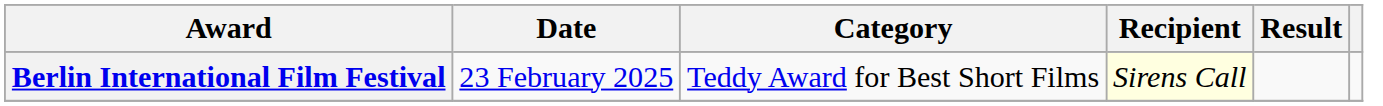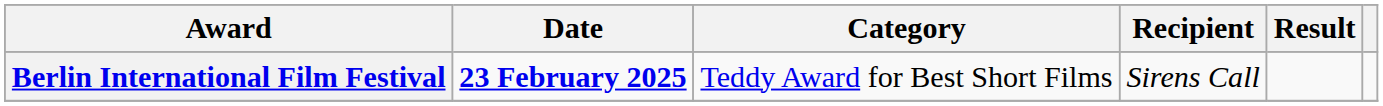 <table class="wikitable sortable plainrowheaders">
 <tr>
 <th>Award</th>
 <th>Date</th>
 <th>Category</th>
 <th>Recipient</th>
 <th>Result</th>
 <th></th>
 </tr>
 <tr>
 <th scope="row" rowspan=1><a href='#'>Berlin International Film Festival</a></th>
-<td rowspan=1><a href='#'>23 February 2025</a></td>
+<td rowspan=1><strong><a href='#'>23 February 2025</a></strong></td>
 <td><a href='#'>Teddy Award</a> for Best Short Films</td>
-<td style="background: lightyellow;"><em>Sirens Call</em></td>
+<td><em>Sirens Call</em></td>
 <td></td>
 <td align="center" rowspan="1"></td>
 </tr>
 <tr>
 </tr>
 </table>
